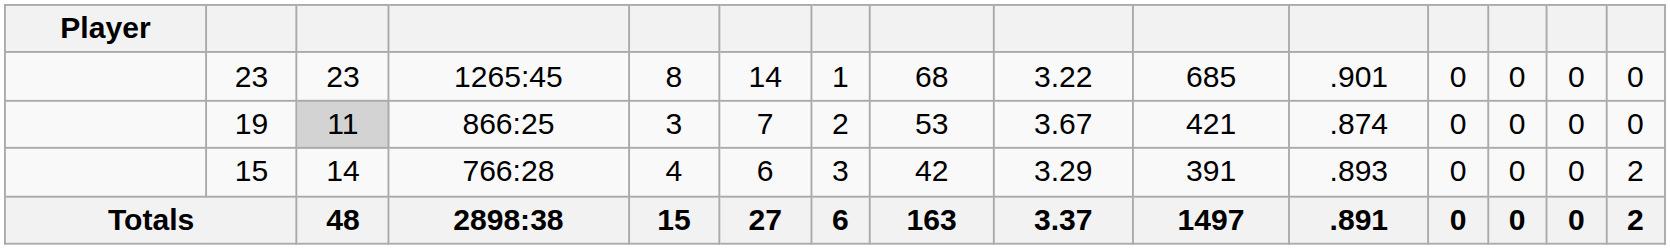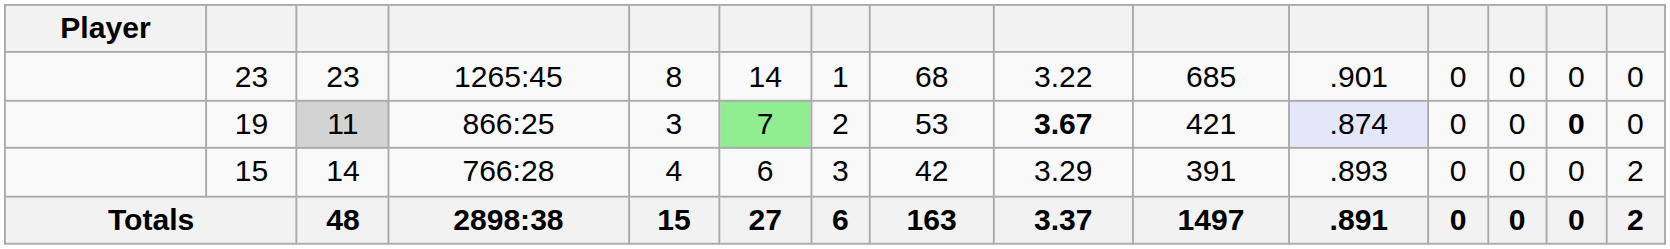 <table class="wikitable sortable" style="width:100%; text-align:center;">
 <tr style="text-align:center; background:#ddd;">
 <th>Player</th>
 <th></th>
 <th></th>
 <th></th>
 <th></th>
 <th></th>
 <th></th>
 <th></th>
 <th></th>
 <th></th>
 <th></th>
 <th></th>
 <th></th>
 <th></th>
 <th></th>
 </tr>
 <tr>
 <td></td>
 <td>23</td>
 <td>23</td>
 <td>1265:45</td>
 <td>8</td>
 <td>14</td>
 <td>1</td>
 <td>68</td>
 <td>3.22</td>
 <td>685</td>
 <td>.901</td>
 <td>0</td>
 <td>0</td>
 <td>0</td>
 <td>0</td>
 </tr>
 <tr>
 <td></td>
 <td>19</td>
 <td style="background: lightgrey;">11</td>
 <td>866:25</td>
 <td>3</td>
-<td>7</td>
+<td style="background: lightgreen;">7</td>
 <td>2</td>
 <td>53</td>
-<td>3.67</td>
+<td><strong>3.67</strong></td>
 <td>421</td>
-<td>.874</td>
+<td style="background: lavender;">.874</td>
 <td>0</td>
 <td>0</td>
-<td>0</td>
+<td><strong>0</strong></td>
 <td>0</td>
 </tr>
 <tr>
 <td></td>
 <td>15</td>
 <td>14</td>
 <td>766:28</td>
 <td>4</td>
 <td>6</td>
 <td>3</td>
 <td>42</td>
 <td>3.29</td>
 <td>391</td>
 <td>.893</td>
 <td>0</td>
 <td>0</td>
 <td>0</td>
 <td>2</td>
 </tr>
 <tr class="unsortable">
 <th colspan=2>Totals</th>
 <th>48</th>
 <th>2898:38</th>
 <th>15</th>
 <th>27</th>
 <th>6</th>
 <th>163</th>
 <th>3.37</th>
 <th>1497</th>
 <th>.891</th>
 <th>0</th>
 <th>0</th>
 <th>0</th>
 <th>2</th>
 </tr>
 </table>
